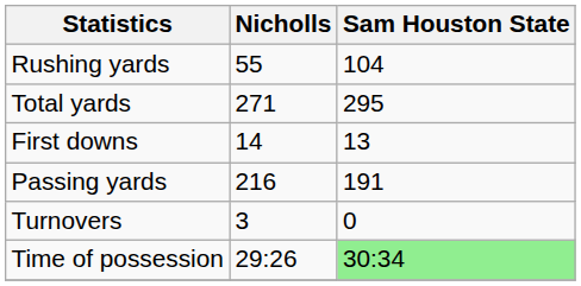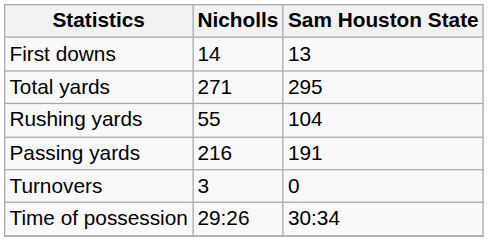 <table class="wikitable">
 <tr>
 <th>Statistics</th>
 <th>Nicholls</th>
 <th>Sam Houston State</th>
 </tr>
 <tr>
-<td>Rushing yards</td>
-<td>55</td>
-<td>104</td>
+<td>First downs</td>
+<td>14</td>
+<td>13</td>
 </tr>
 <tr>
 <td>Total yards</td>
 <td>271</td>
 <td>295</td>
 </tr>
 <tr>
-<td>First downs</td>
-<td>14</td>
-<td>13</td>
+<td>Rushing yards</td>
+<td>55</td>
+<td>104</td>
 </tr>
 <tr>
 <td>Passing yards</td>
 <td>216</td>
 <td>191</td>
 </tr>
 <tr>
 <td>Turnovers</td>
 <td>3</td>
 <td>0</td>
 </tr>
 <tr>
 <td>Time of possession</td>
 <td>29:26</td>
-<td style="background: lightgreen;">30:34</td>
+<td>30:34</td>
 </tr>
 <tr>
 </tr>
 </table>
